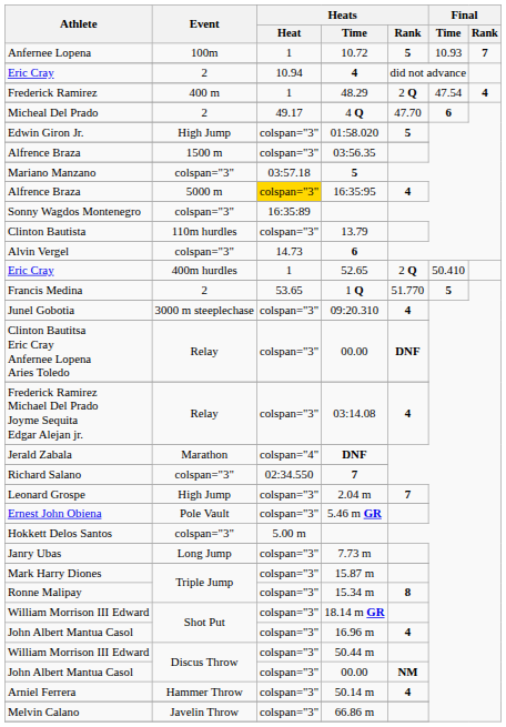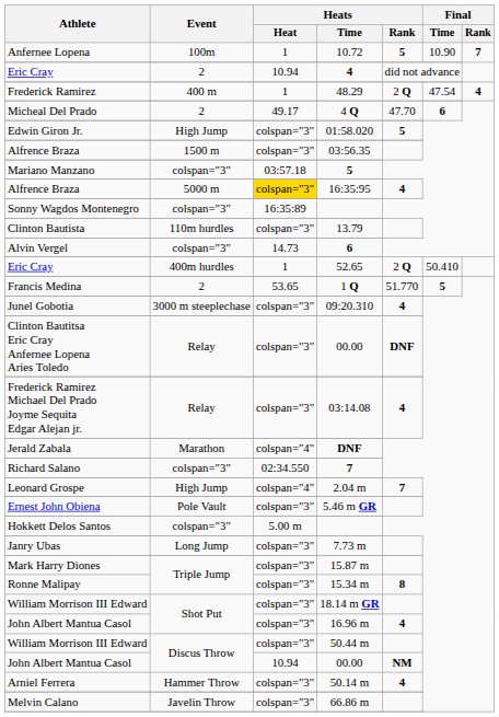 <table class="wikitable" style="font-size:90%; text-align:center">
 <tr>
 <th rowspan="2">Athlete</th>
 <th rowspan="2">Event</th>
 <th colspan="3">Heats</th>
 <th colspan="2">Final</th>
 </tr>
 <tr style="font-size:95%">
 <th>Heat</th>
 <th>Time</th>
 <th>Rank</th>
 <th>Time</th>
 <th>Rank</th>
 </tr>
 <tr align="center">
 <td align=left>Anfernee Lopena</td>
 <td rowspan="2" align="Center">100m</td>
 <td>1</td>
 <td>10.72</td>
 <td><strong>5</strong></td>
-<td>10.93</td>
+<td>10.90</td>
 <td><strong>7</strong></td>
 </tr>
 <tr>
 </tr>
 <tr>
 </tr>
 <tr align="center">
 <td align=left><a href='#'>Eric Cray</a></td>
 <td>2</td>
 <td>10.94</td>
 <td><strong>4</strong></td>
 <td colspan="2">did not advance</td>
 </tr>
 <tr>
 </tr>
 <tr>
 </tr>
 <tr align="center">
 <td align=left>Frederick Ramirez</td>
 <td rowspan="2" align="Center">400 m</td>
 <td>1</td>
 <td>48.29</td>
 <td>2 <strong>Q</strong></td>
 <td>47.54</td>
 <td><strong>4</strong></td>
 </tr>
 <tr>
 </tr>
 <tr>
 </tr>
 <tr align="center">
 <td align=left>Micheal Del Prado</td>
 <td>2</td>
 <td>49.17</td>
 <td>4 <strong>Q</strong></td>
 <td>47.70</td>
 <td><strong>6</strong></td>
 </tr>
 <tr>
 </tr>
 <tr>
 </tr>
 <tr align="center">
 <td align=left>Edwin Giron Jr.</td>
 <td>High Jump</td>
 <td>colspan="3" </td>
 <td>01:58.020</td>
 <td><strong>5</strong></td>
 </tr>
 <tr>
 </tr>
 <tr align="center">
 <td align=left>Alfrence Braza</td>
 <td rowspan="2" align="Center">1500 m</td>
 <td>colspan="3" </td>
 <td>03:56.35</td>
 <td></td>
 </tr>
 <tr>
 </tr>
 <tr>
 </tr>
 <tr align="center">
 <td align=left>Mariano Manzano</td>
 <td>colspan="3" </td>
 <td>03:57.18</td>
 <td><strong>5</strong></td>
 </tr>
 <tr>
 </tr>
 <tr>
 </tr>
 <tr align="center">
 <td align=left>Alfrence Braza</td>
 <td rowspan="2" align="Center">5000 m</td>
 <td style="background: gold;">colspan="3" </td>
 <td>16:35:95</td>
 <td><strong>4</strong></td>
 </tr>
 <tr>
 </tr>
 <tr>
 </tr>
 <tr align="center">
 <td align=left>Sonny Wagdos Montenegro</td>
 <td>colspan="3" </td>
 <td>16:35:89</td>
 <td></td>
 </tr>
 <tr>
 </tr>
 <tr>
 </tr>
 <tr align="center">
 <td align=left>Clinton Bautista</td>
 <td rowspan="2" align="Center">110m hurdles</td>
 <td>colspan="3" </td>
 <td>13.79</td>
 <td></td>
 </tr>
 <tr>
 </tr>
 <tr>
 </tr>
 <tr align="center">
 <td align=left>Alvin Vergel</td>
 <td>colspan="3" </td>
 <td>14.73</td>
 <td><strong>6</strong></td>
 </tr>
 <tr>
 </tr>
 <tr>
 </tr>
 <tr align="center">
 <td align=left><a href='#'>Eric Cray</a></td>
 <td rowspan="2" align="Center">400m hurdles</td>
 <td>1</td>
 <td>52.65</td>
 <td>2 <strong>Q</strong></td>
 <td>50.410</td>
 <td></td>
 </tr>
 <tr>
 </tr>
 <tr>
 </tr>
 <tr align="center">
 <td align=left>Francis Medina</td>
 <td>2</td>
 <td>53.65</td>
 <td>1 <strong>Q</strong></td>
 <td>51.770</td>
 <td><strong>5</strong></td>
 </tr>
 <tr>
 </tr>
 <tr>
 </tr>
 <tr align="center">
 <td align=left>Junel Gobotia</td>
 <td>3000 m steeplechase</td>
 <td>colspan="3" </td>
 <td>09:20.310</td>
 <td><strong>4</strong></td>
 </tr>
 <tr>
 </tr>
 <tr align="center">
 <td align=left>Clinton Bautitsa<br>Eric Cray<br>Anfernee Lopena<br>Aries Toledo</td>
 <td> Relay</td>
 <td>colspan="3" </td>
 <td>00.00</td>
 <td><strong>DNF</strong></td>
 </tr>
 <tr>
 </tr>
 <tr align="center">
 <td align=left>Frederick Ramirez<br>Michael Del Prado<br>Joyme Sequita<br>Edgar Alejan jr.</td>
 <td> Relay</td>
 <td>colspan="3" </td>
 <td>03:14.08</td>
 <td><strong>4</strong></td>
 </tr>
 <tr>
 </tr>
 <tr align="center">
 <td align=left>Jerald Zabala</td>
 <td rowspan="2" align="Center">Marathon</td>
 <td>colspan="4" </td>
 <td><strong>DNF</strong></td>
 </tr>
 <tr>
 </tr>
 <tr align="center">
 <td align=left>Richard Salano</td>
 <td>colspan="3" </td>
 <td>02:34.550</td>
 <td><strong>7</strong></td>
 </tr>
 <tr>
 </tr>
 <tr align="center">
 <td align=left>Leonard Grospe</td>
 <td>High Jump</td>
-<td>colspan="3" </td>
+<td>colspan="4" </td>
 <td>2.04 m</td>
 <td><strong>7</strong></td>
 </tr>
 <tr>
 </tr>
 <tr align="center">
 <td align=left><a href='#'>Ernest John Obiena</a></td>
 <td rowspan="2" align="Center">Pole Vault</td>
 <td>colspan="3" </td>
 <td>5.46 m <strong><a href='#'>GR</a></strong></td>
 <td></td>
 </tr>
 <tr>
 </tr>
 <tr align="center">
 <td align=left>Hokkett Delos Santos</td>
 <td>colspan="3" </td>
 <td>5.00 m</td>
 <td></td>
 </tr>
 <tr>
 </tr>
 <tr align="center">
 <td align=left>Janry Ubas</td>
 <td>Long Jump</td>
 <td>colspan="3" </td>
 <td>7.73 m</td>
 <td></td>
 </tr>
 <tr>
 </tr>
 <tr align="center">
 <td align=left>Mark Harry Diones</td>
 <td rowspan="2" align="Center">Triple Jump</td>
 <td>colspan="3" </td>
 <td>15.87 m</td>
 <td></td>
 </tr>
 <tr align="center">
 <td align=left>Ronne Malipay</td>
 <td>colspan="3" </td>
 <td>15.34 m</td>
 <td><strong>8</strong></td>
 </tr>
 <tr align="center">
 <td align=left>William Morrison III Edward</td>
 <td rowspan="2" align="Center">Shot Put</td>
 <td>colspan="3" </td>
 <td>18.14 m <strong><a href='#'>GR</a></strong></td>
 <td></td>
 </tr>
 <tr align="center">
 <td align=left>John Albert Mantua Casol</td>
 <td>colspan="3" </td>
 <td>16.96 m</td>
 <td><strong>4</strong></td>
 </tr>
 <tr align="center">
 <td align=left>William Morrison III Edward</td>
 <td rowspan="2" align="Center">Discus Throw</td>
 <td>colspan="3" </td>
 <td>50.44 m</td>
 <td></td>
 </tr>
 <tr align="center">
 <td align=left>John Albert Mantua Casol</td>
-<td>colspan="3" </td>
+<td>10.94</td>
 <td>00.00</td>
 <td><strong>NM</strong></td>
 </tr>
 <tr align="center">
 <td align=left>Arniel Ferrera</td>
 <td>Hammer Throw</td>
 <td>colspan="3" </td>
 <td>50.14 m</td>
 <td><strong>4</strong></td>
 </tr>
 <tr>
 </tr>
 <tr align="center">
 <td align=left>Melvin Calano</td>
 <td>Javelin Throw</td>
 <td>colspan="3" </td>
 <td>66.86 m</td>
 <td></td>
 </tr>
 <tr>
 </tr>
 </table>
